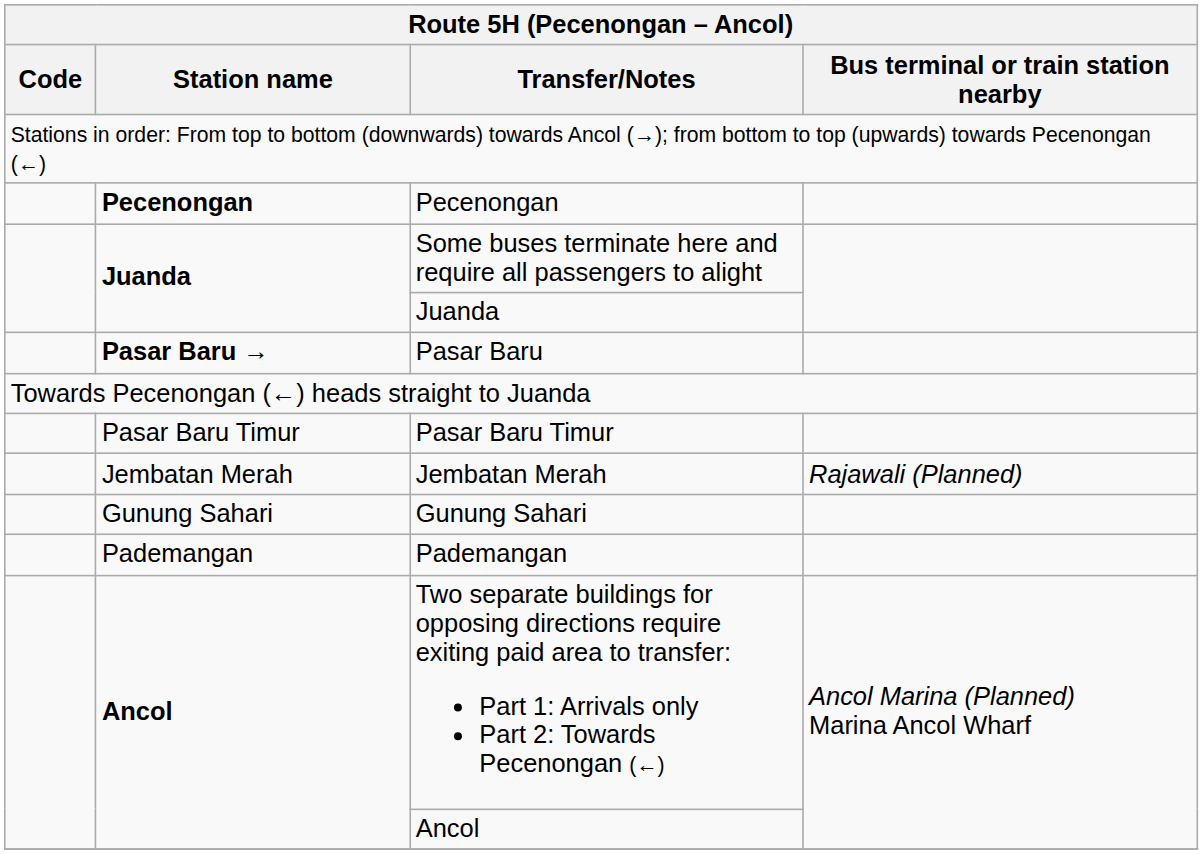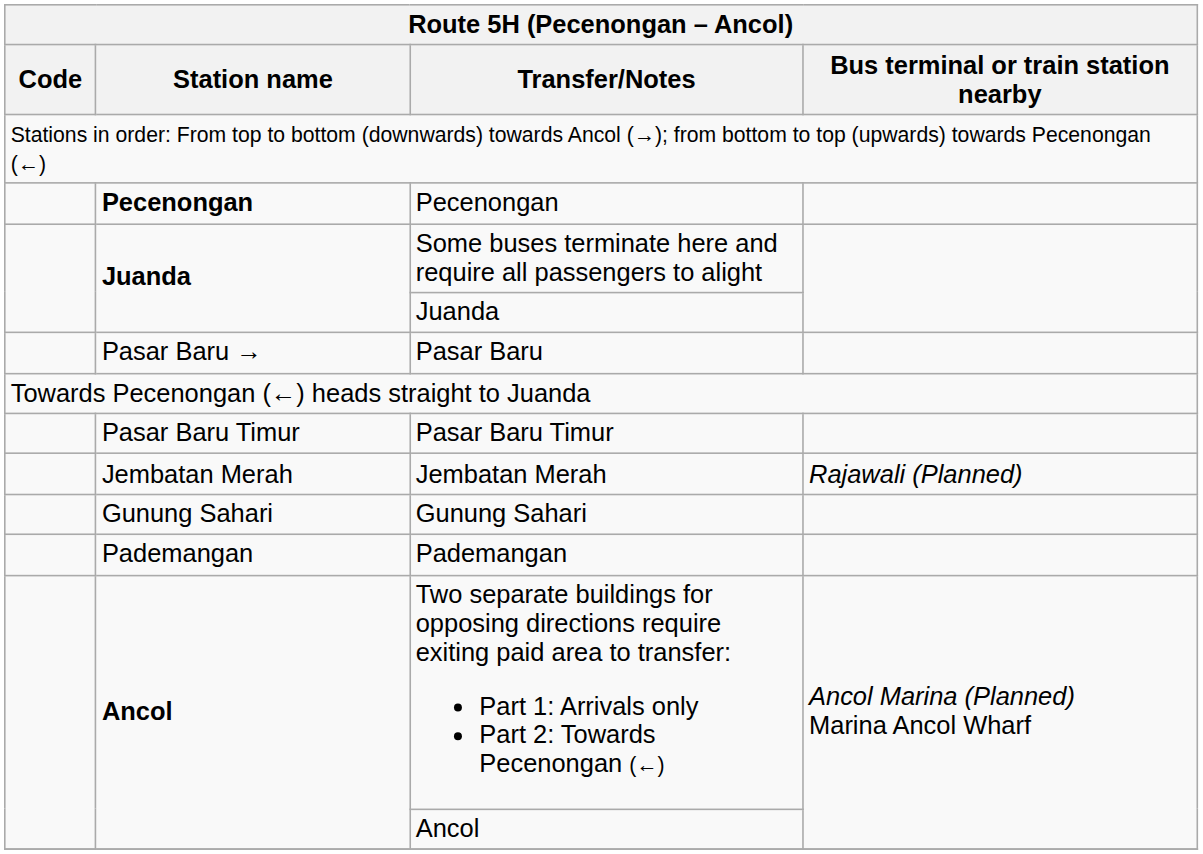 <table class="wikitable" style="font-size:100%">
 <tr>
 <th colspan="4" align="left"> Route 5H (Pecenongan – Ancol)</th>
 </tr>
 <tr>
 <th width="50">Code</th>
 <th width="190">Station name</th>
 <th width="240">Transfer/Notes</th>
 <th width="240">Bus terminal or train station nearby</th>
 </tr>
 <tr>
 <td colspan="4"><small>Stations in order: From top to bottom (downwards) towards Ancol (→); from bottom to top (upwards) towards Pecenongan (←)</small></td>
 </tr>
 <tr>
 <td align="center"><strong></strong><br><strong></strong></td>
 <td><strong>Pecenongan</strong></td>
 <td>     Pecenongan</td>
 <td></td>
 </tr>
 <tr>
 <td align="center" rowspan="2"><strong></strong><br><strong></strong></td>
 <td rowspan="2"><strong>Juanda</strong></td>
 <td>Some buses terminate here and require all passengers to alight</td>
 <td rowspan="2"> </td>
 </tr>
 <tr>
 <td>     Juanda</td>
 </tr>
 <tr>
 <td align="center"><strong></strong></td>
-<td><strong>Pasar Baru →</strong></td>
+<td>Pasar Baru →</td>
 <td>  Pasar Baru</td>
 <td></td>
 </tr>
 <tr>
 <td colspan="4">Towards Pecenongan (←) heads straight to Juanda</td>
 </tr>
 <tr>
 <td align="center"><strong></strong></td>
 <td>Pasar Baru Timur</td>
 <td>  Pasar Baru Timur</td>
 <td></td>
 </tr>
 <tr>
 <td align="center"><strong></strong><br><strong></strong></td>
 <td>Jembatan Merah</td>
 <td>   Jembatan Merah</td>
 <td> <em>Rajawali (Planned)</em></td>
 </tr>
 <tr>
 <td align="center"><strong></strong><br><strong></strong></td>
 <td>Gunung Sahari</td>
 <td>   Gunung Sahari</td>
 <td></td>
 </tr>
 <tr>
 <td align="center"><strong></strong></td>
 <td>Pademangan</td>
 <td>  Pademangan</td>
 <td></td>
 </tr>
 <tr>
 <td rowspan="2" align="center"><strong></strong></td>
 <td rowspan="2"><strong>Ancol</strong></td>
 <td>Two separate buildings for opposing directions require exiting paid area to transfer:<br><ul><li>Part 1: Arrivals only</li><li>Part 2: Towards Pecenongan <small>(←)</small></li></ul></td>
 <td rowspan="2"> <em>Ancol Marina (Planned)</em><br> Marina Ancol Wharf</td>
 </tr>
 <tr>
 <td> Ancol</td>
 </tr>
 <tr>
 </tr>
 </table>
